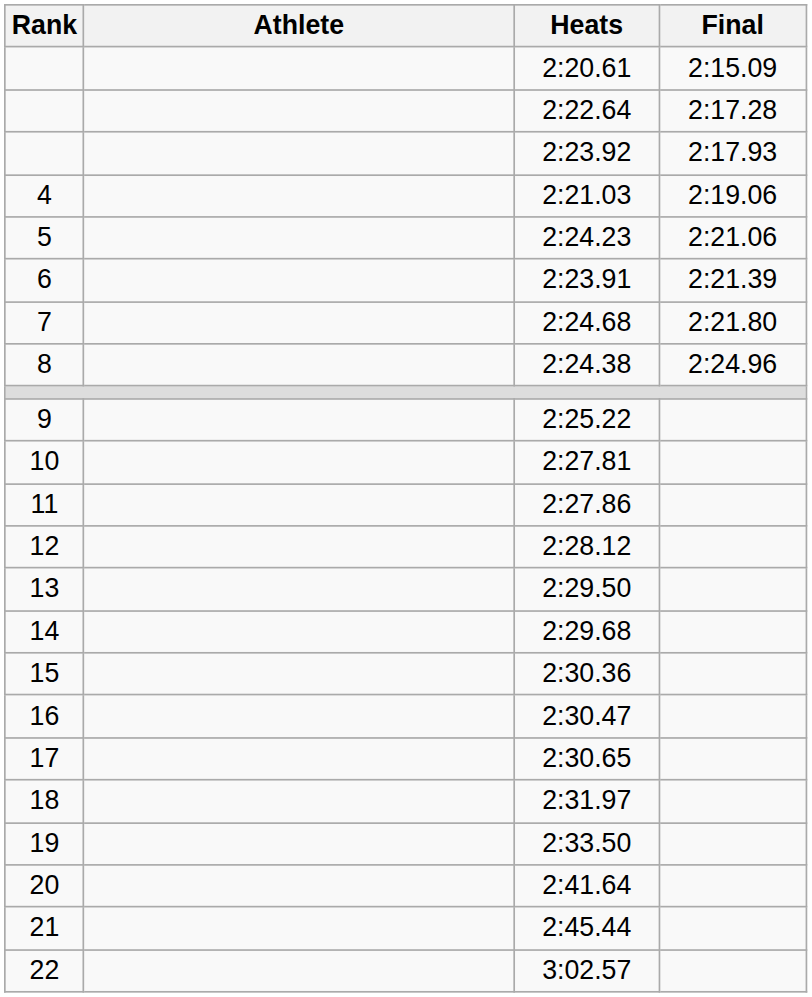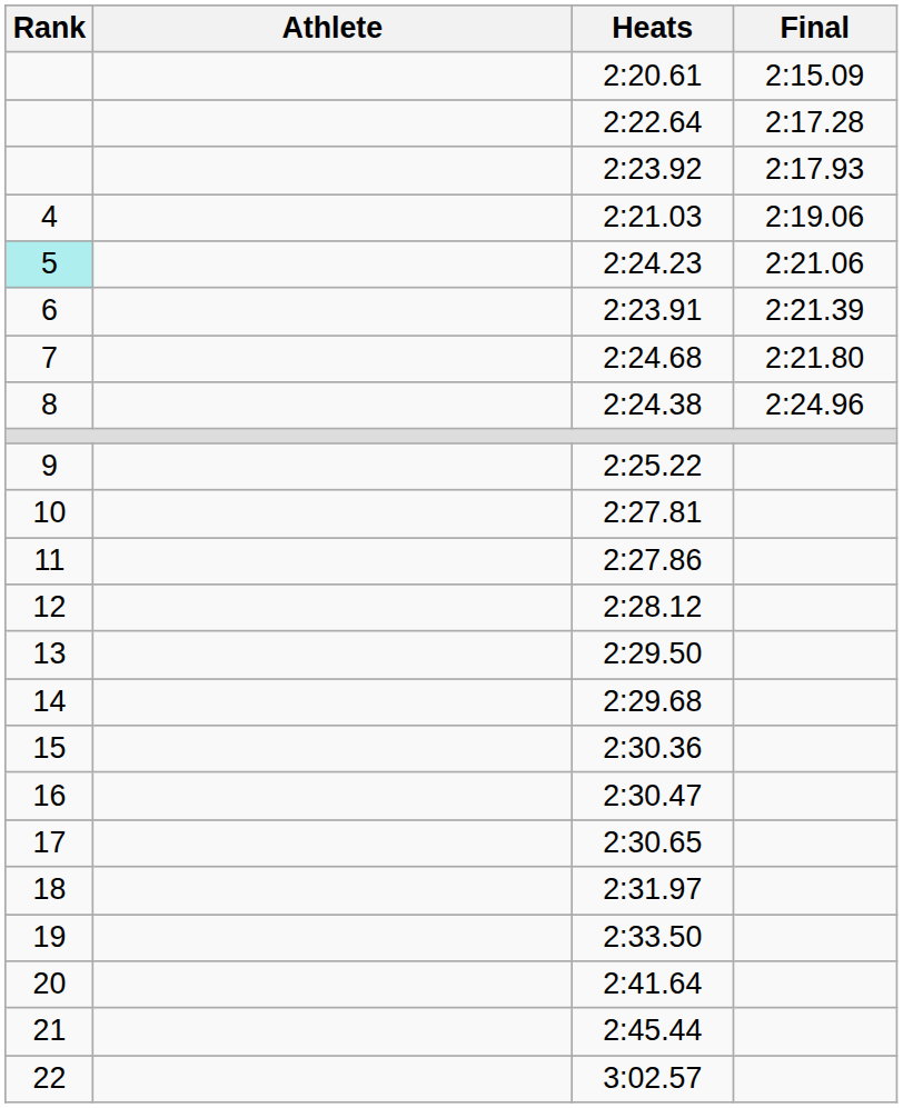 <table class=wikitable style="text-align:center">
 <tr>
 <th width=40>Rank</th>
 <th width=250>Athlete</th>
 <th width=80>Heats</th>
 <th width=80>Final</th>
 </tr>
 <tr>
 <td></td>
 <td align=left></td>
 <td>2:20.61</td>
 <td>2:15.09</td>
 </tr>
 <tr>
 <td></td>
 <td align=left></td>
 <td>2:22.64</td>
 <td>2:17.28</td>
 </tr>
 <tr>
 <td></td>
 <td align=left></td>
 <td>2:23.92</td>
 <td>2:17.93</td>
 </tr>
 <tr>
 <td>4</td>
 <td align=left></td>
 <td>2:21.03</td>
 <td>2:19.06</td>
 </tr>
 <tr>
-<td>5</td>
+<td style="background: paleturquoise;">5</td>
 <td align=left></td>
 <td>2:24.23</td>
 <td>2:21.06</td>
 </tr>
 <tr>
 <td>6</td>
 <td align=left></td>
 <td>2:23.91</td>
 <td>2:21.39</td>
 </tr>
 <tr>
 <td>7</td>
 <td align=left></td>
 <td>2:24.68</td>
 <td>2:21.80</td>
 </tr>
 <tr>
 <td>8</td>
 <td align=left></td>
 <td>2:24.38</td>
 <td>2:24.96</td>
 </tr>
 <tr bgcolor=#DDDDDD>
 <td colspan=4></td>
 </tr>
 <tr>
 <td>9</td>
 <td align=left></td>
 <td>2:25.22</td>
 <td></td>
 </tr>
 <tr>
 <td>10</td>
 <td align=left></td>
 <td>2:27.81</td>
 <td></td>
 </tr>
 <tr>
 <td>11</td>
 <td align=left></td>
 <td>2:27.86</td>
 <td></td>
 </tr>
 <tr>
 <td>12</td>
 <td align=left></td>
 <td>2:28.12</td>
 <td></td>
 </tr>
 <tr>
 <td>13</td>
 <td align=left></td>
 <td>2:29.50</td>
 <td></td>
 </tr>
 <tr>
 <td>14</td>
 <td align=left></td>
 <td>2:29.68</td>
 <td></td>
 </tr>
 <tr>
 <td>15</td>
 <td align=left></td>
 <td>2:30.36</td>
 <td></td>
 </tr>
 <tr>
 <td>16</td>
 <td align=left></td>
 <td>2:30.47</td>
 <td></td>
 </tr>
 <tr>
 <td>17</td>
 <td align=left></td>
 <td>2:30.65</td>
 <td></td>
 </tr>
 <tr>
 <td>18</td>
 <td align=left></td>
 <td>2:31.97</td>
 <td></td>
 </tr>
 <tr>
 <td>19</td>
 <td align=left></td>
 <td>2:33.50</td>
 <td></td>
 </tr>
 <tr>
 <td>20</td>
 <td align=left></td>
 <td>2:41.64</td>
 <td></td>
 </tr>
 <tr>
 <td>21</td>
 <td align=left></td>
 <td>2:45.44</td>
 <td></td>
 </tr>
 <tr>
 <td>22</td>
 <td align=left></td>
 <td>3:02.57</td>
 <td></td>
 </tr>
 </table>
